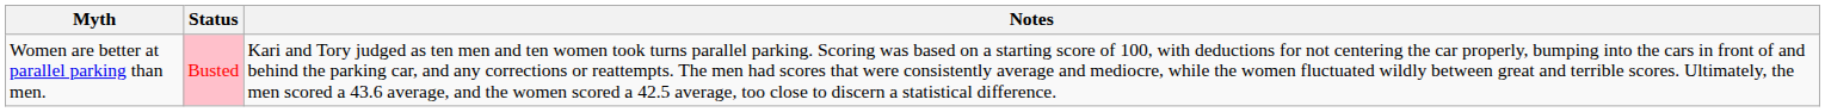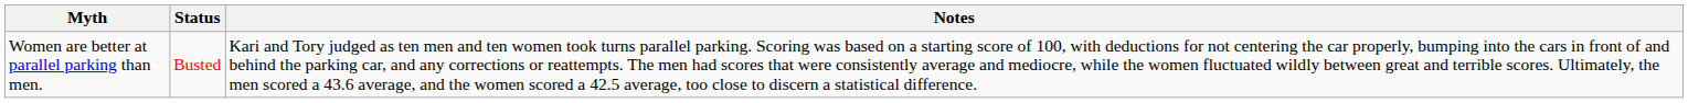 <table class="wikitable plainrowheaders">
 <tr>
 <th scope"col">Myth</th>
 <th scope"col">Status</th>
 <th scope"col">Notes</th>
 </tr>
 <tr>
 <td scope"row">Women are better at <a href='#'>parallel parking</a> than men.</td>
-<td style="background: pink; color:red">Busted</td>
+<td style="color:red">Busted</td>
 <td>Kari and Tory judged as ten men and ten women took turns parallel parking. Scoring was based on a starting score of 100, with deductions for not centering the car properly, bumping into the cars in front of and behind the parking car, and any corrections or reattempts. The men had scores that were consistently average and mediocre, while the women fluctuated wildly between great and terrible scores. Ultimately, the men scored a 43.6 average, and the women scored a 42.5 average, too close to discern a statistical difference.</td>
 </tr>
 </table>
